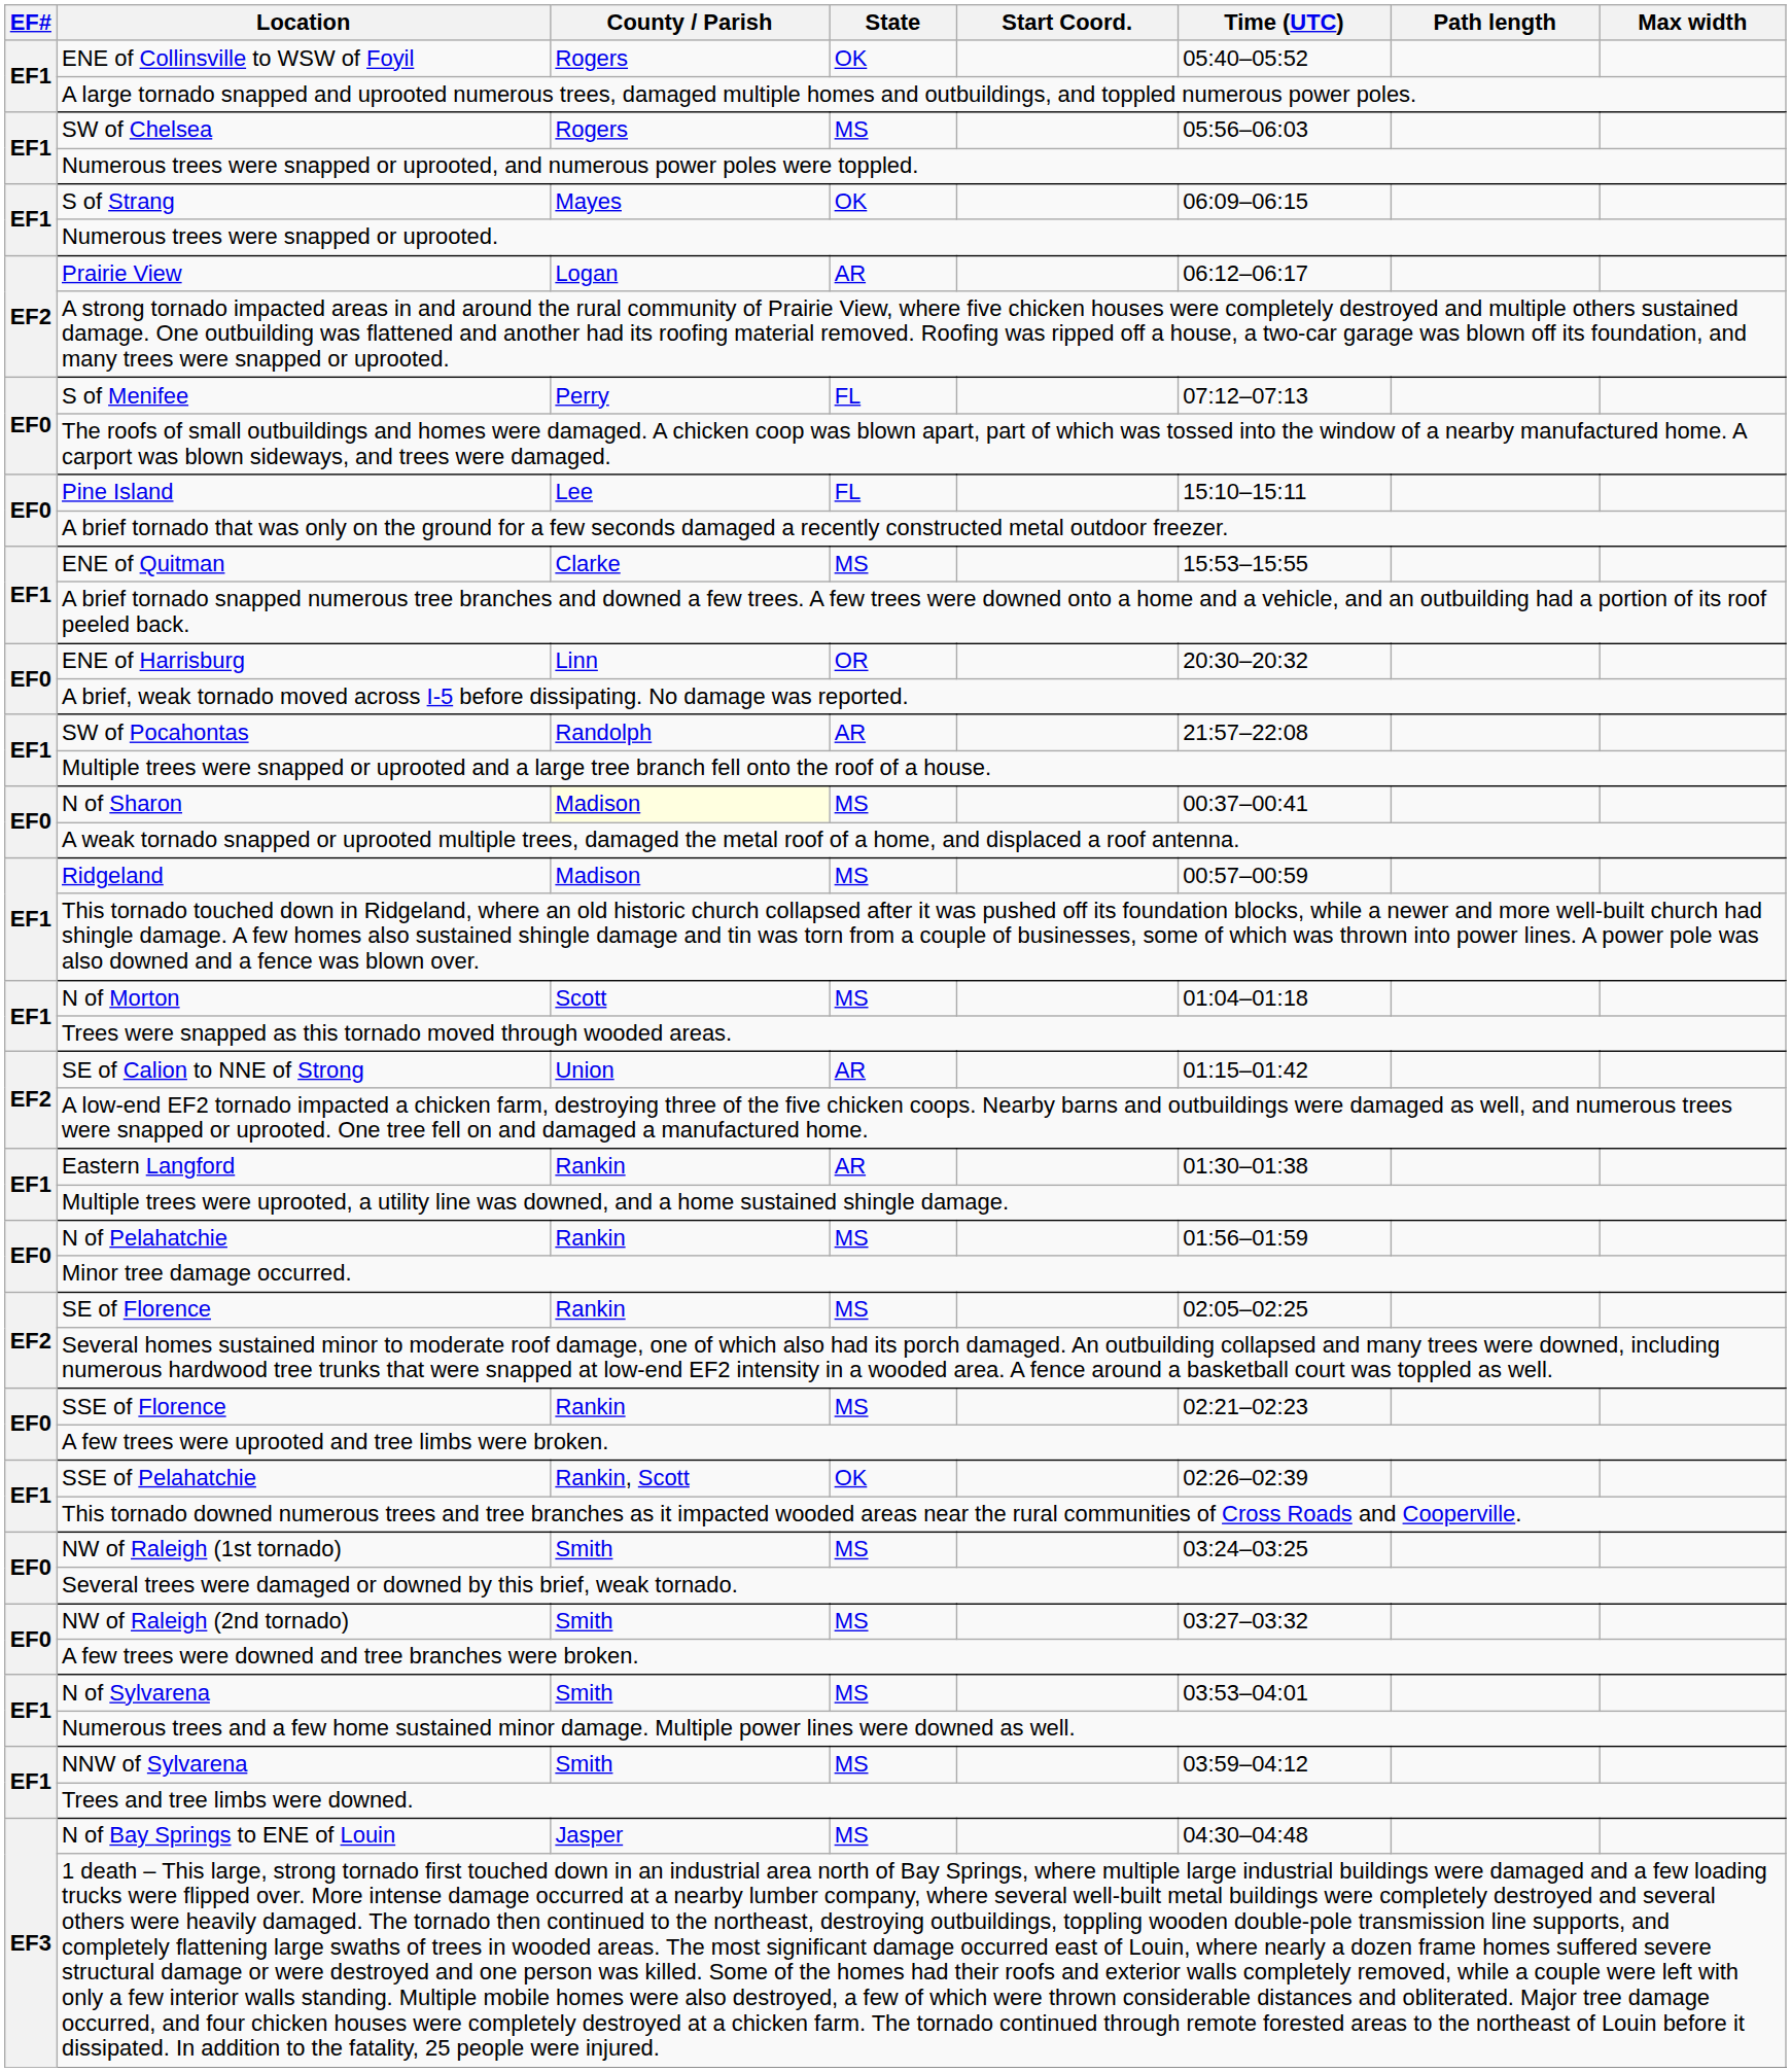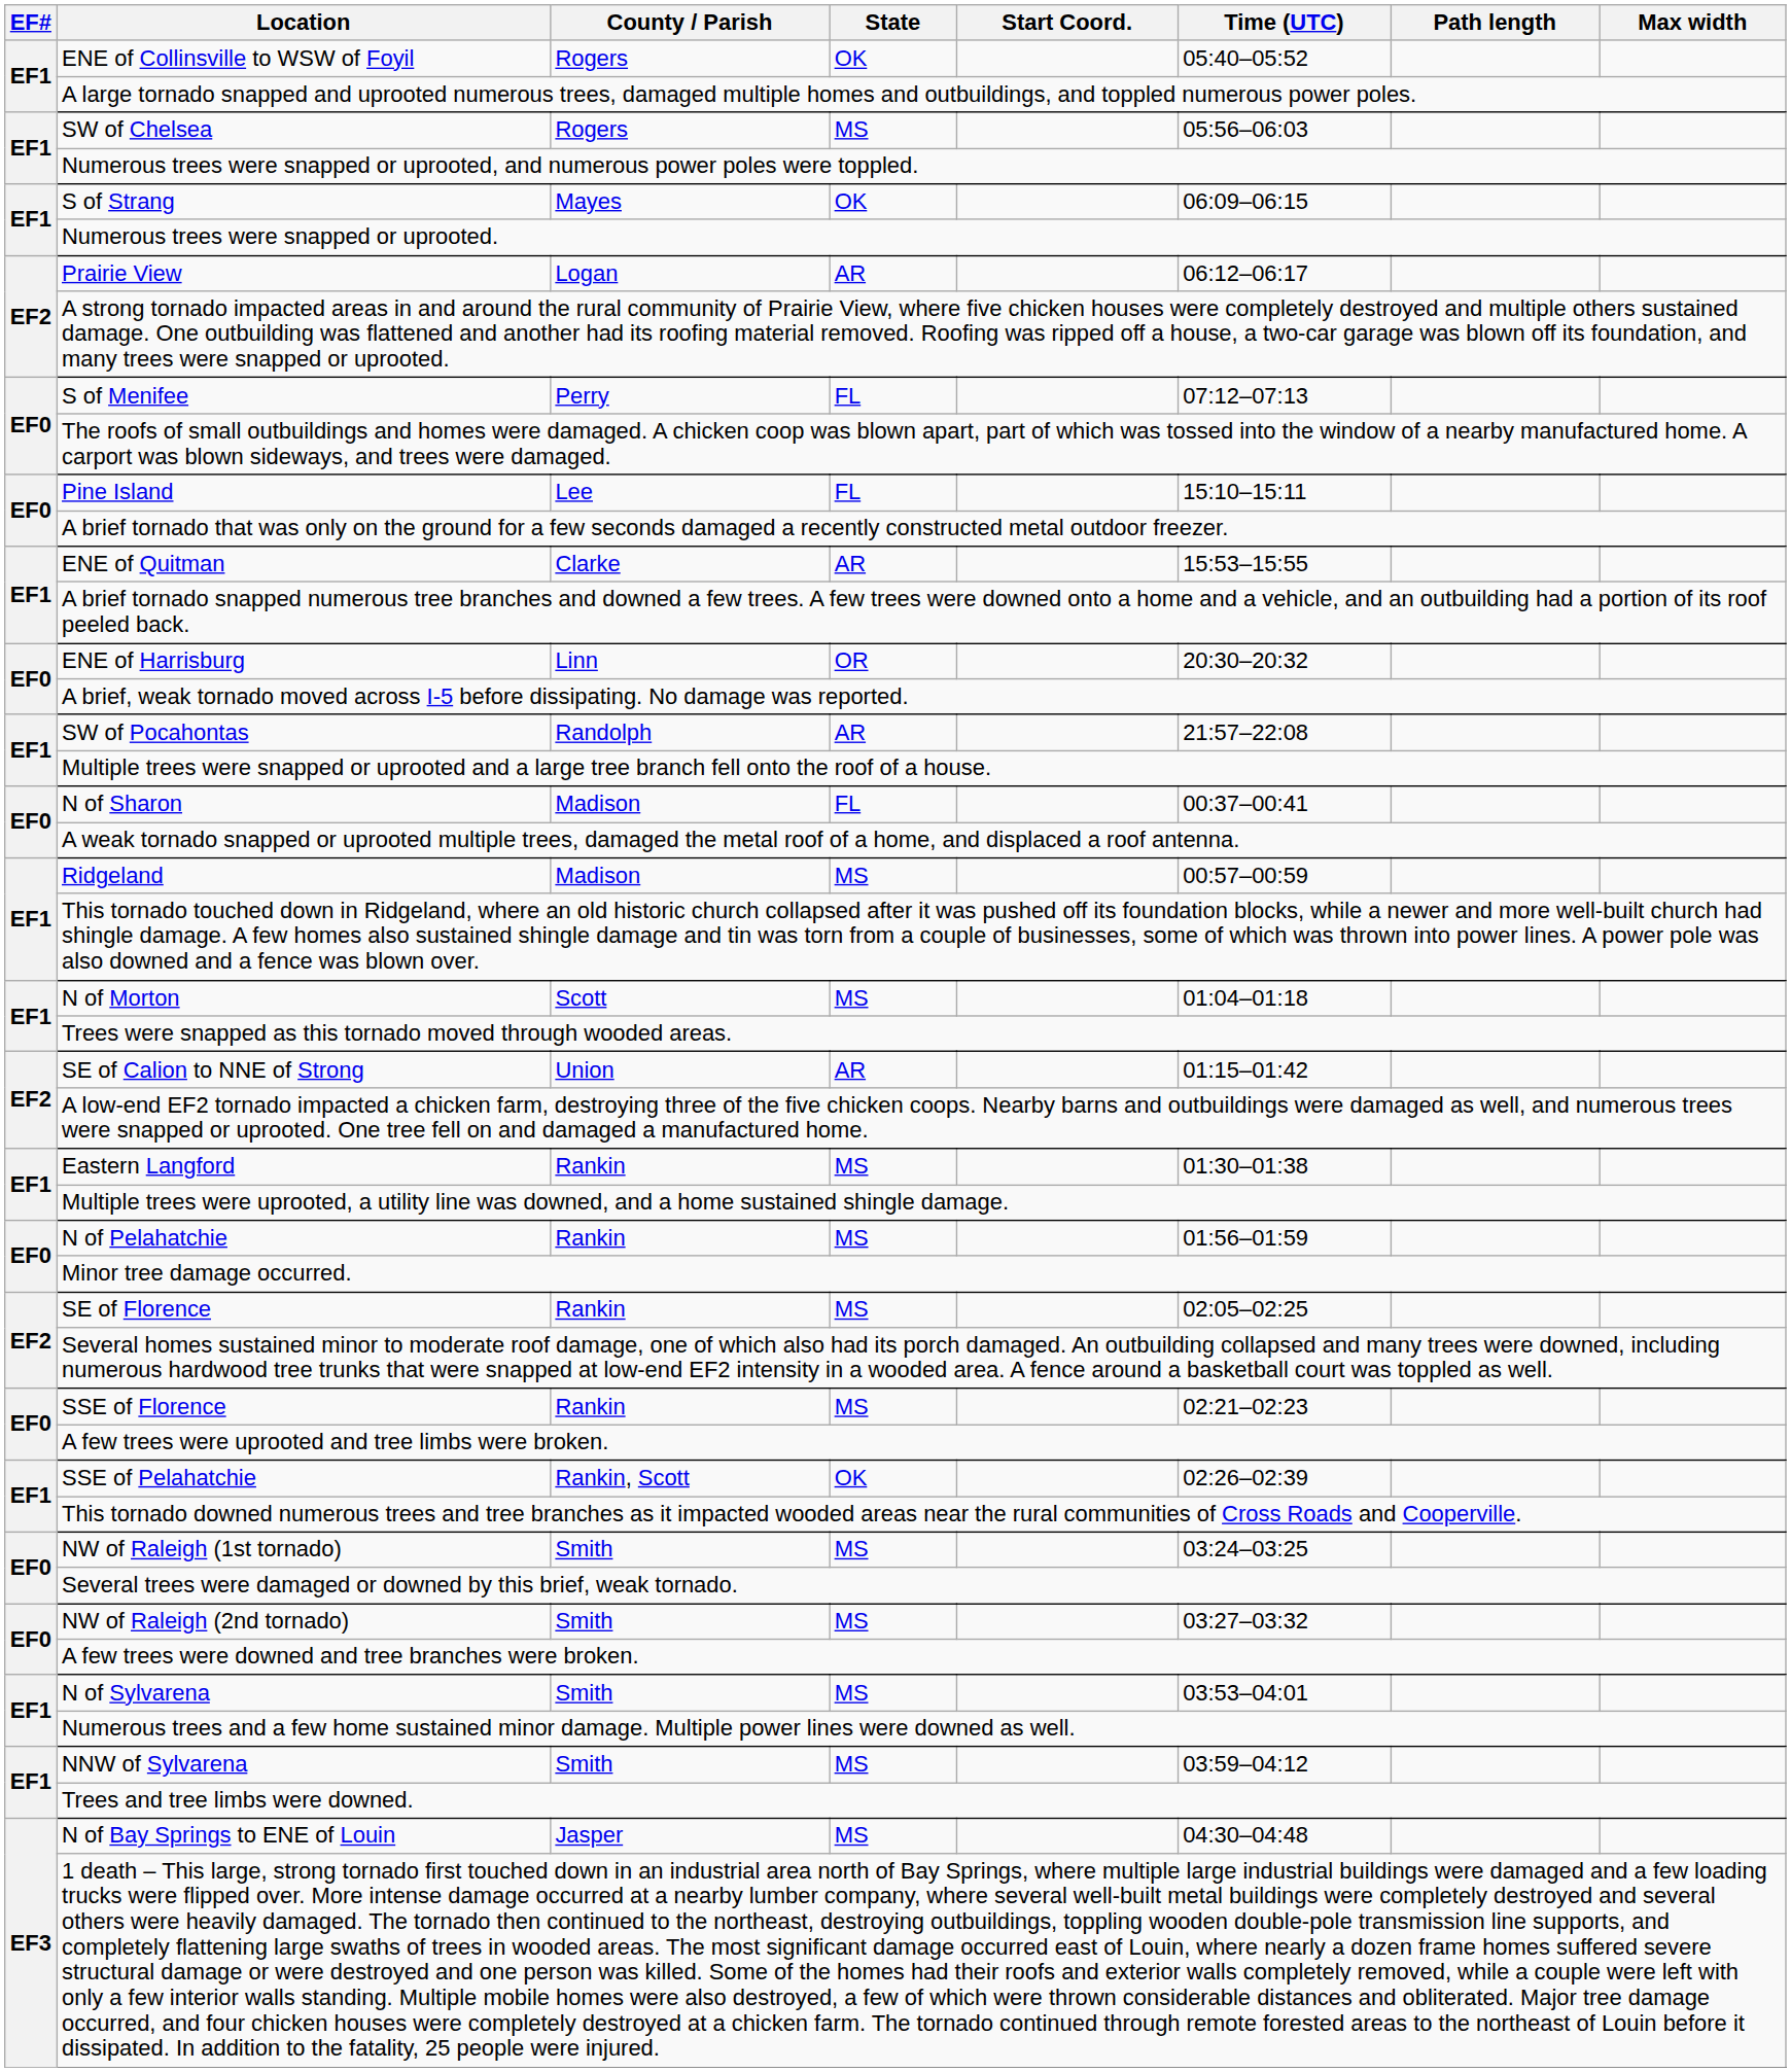 <table class="wikitable sortable" style="width:100%;">
 <tr>
 <th scope="col" width="2%" align="center"><a href='#'>EF#</a></th>
 <th scope="col" align="center" class="unsortable">Location</th>
 <th scope="col" align="center" class="unsortable">County / Parish</th>
 <th scope="col" align="center">State</th>
 <th scope="col" align="center">Start Coord.</th>
 <th scope="col" align="center">Time (<a href='#'>UTC</a>)</th>
 <th scope="col" align="center">Path length</th>
 <th scope="col" align="center">Max width</th>
 </tr>
 <tr>
 <th scope="row" rowspan="2" style="background-color:#">EF1</th>
 <td>ENE of <a href='#'>Collinsville</a> to WSW of <a href='#'>Foyil</a></td>
 <td><a href='#'>Rogers</a></td>
 <td><a href='#'>OK</a></td>
 <td></td>
 <td>05:40–05:52</td>
 <td></td>
 <td></td>
 </tr>
 <tr class="expand-child">
 <td colspan="8" style=" border-bottom: 1px solid black;">A large tornado snapped and uprooted numerous trees, damaged multiple homes and outbuildings, and toppled numerous power poles.</td>
 </tr>
 <tr>
 <th scope="row" rowspan="2" style="background-color:#">EF1</th>
 <td>SW of <a href='#'>Chelsea</a></td>
 <td><a href='#'>Rogers</a></td>
 <td><a href='#'>MS</a></td>
 <td></td>
 <td>05:56–06:03</td>
 <td></td>
 <td></td>
 </tr>
 <tr class="expand-child">
 <td colspan="8" style=" border-bottom: 1px solid black;">Numerous trees were snapped or uprooted, and numerous power poles were toppled.</td>
 </tr>
 <tr>
 <th scope="row" rowspan="2" style="background-color:#">EF1</th>
 <td>S of <a href='#'>Strang</a></td>
 <td><a href='#'>Mayes</a></td>
 <td><a href='#'>OK</a></td>
 <td></td>
 <td>06:09–06:15</td>
 <td></td>
 <td></td>
 </tr>
 <tr class="expand-child">
 <td colspan="8" style=" border-bottom: 1px solid black;">Numerous trees were snapped or uprooted.</td>
 </tr>
 <tr>
 <th scope="row" rowspan="2" style="background-color:#">EF2</th>
 <td><a href='#'>Prairie View</a></td>
 <td><a href='#'>Logan</a></td>
 <td><a href='#'>AR</a></td>
 <td></td>
 <td>06:12–06:17</td>
 <td></td>
 <td></td>
 </tr>
 <tr class="expand-child">
 <td colspan="8" style=" border-bottom: 1px solid black;">A strong tornado impacted areas in and around the rural community of Prairie View, where five chicken houses were completely destroyed and multiple others sustained damage. One outbuilding was flattened and another had its roofing material removed. Roofing was ripped off a house, a two-car garage was blown off its foundation, and many trees were snapped or uprooted.</td>
 </tr>
 <tr>
 <th scope="row" rowspan="2" style="background-color:#">EF0</th>
 <td>S of <a href='#'>Menifee</a></td>
 <td><a href='#'>Perry</a></td>
 <td><a href='#'>FL</a></td>
 <td></td>
 <td>07:12–07:13</td>
 <td></td>
 <td></td>
 </tr>
 <tr class="expand-child">
 <td colspan="8" style=" border-bottom: 1px solid black;">The roofs of small outbuildings and homes were damaged. A chicken coop was blown apart, part of which was tossed into the window of a nearby manufactured home. A carport was blown sideways, and trees were damaged.</td>
 </tr>
 <tr>
 <th scope="row" rowspan="2" style="background-color:#">EF0</th>
 <td><a href='#'>Pine Island</a></td>
 <td><a href='#'>Lee</a></td>
 <td><a href='#'>FL</a></td>
 <td></td>
 <td>15:10–15:11</td>
 <td></td>
 <td></td>
 </tr>
 <tr class="expand-child">
 <td colspan="8" style=" border-bottom: 1px solid black;">A brief tornado that was only on the ground for a few seconds damaged a recently constructed metal outdoor freezer.</td>
 </tr>
 <tr>
 <th scope="row" rowspan="2" style="background-color:#">EF1</th>
 <td>ENE of <a href='#'>Quitman</a></td>
 <td><a href='#'>Clarke</a></td>
-<td><a href='#'>MS</a></td>
+<td><a href='#'>AR</a></td>
 <td></td>
 <td>15:53–15:55</td>
 <td></td>
 <td></td>
 </tr>
 <tr class="expand-child">
 <td colspan="8" style=" border-bottom: 1px solid black;">A brief tornado snapped numerous tree branches and downed a few trees. A few trees were downed onto a home and a vehicle, and an outbuilding had a portion of its roof peeled back.</td>
 </tr>
 <tr>
 <th scope="row" rowspan="2" style="background-color:#">EF0</th>
 <td>ENE of <a href='#'>Harrisburg</a></td>
 <td><a href='#'>Linn</a></td>
 <td><a href='#'>OR</a></td>
 <td></td>
 <td>20:30–20:32</td>
 <td></td>
 <td></td>
 </tr>
 <tr class="expand-child">
 <td colspan="8" style=" border-bottom: 1px solid black;">A brief, weak tornado moved across <a href='#'>I-5</a> before dissipating. No damage was reported.</td>
 </tr>
 <tr>
 <th scope="row" rowspan="2" style="background-color:#">EF1</th>
 <td>SW of <a href='#'>Pocahontas</a></td>
 <td><a href='#'>Randolph</a></td>
 <td><a href='#'>AR</a></td>
 <td></td>
 <td>21:57–22:08</td>
 <td></td>
 <td></td>
 </tr>
 <tr class="expand-child">
 <td colspan="8" style=" border-bottom: 1px solid black;">Multiple trees were snapped or uprooted and a large tree branch fell onto the roof of a house.</td>
 </tr>
 <tr>
 <th scope="row" rowspan="2" style="background-color:#">EF0</th>
 <td>N of <a href='#'>Sharon</a></td>
-<td style="background: lightyellow;"><a href='#'>Madison</a></td>
-<td><a href='#'>MS</a></td>
+<td><a href='#'>Madison</a></td>
+<td><a href='#'>FL</a></td>
 <td></td>
 <td>00:37–00:41</td>
 <td></td>
 <td></td>
 </tr>
 <tr class="expand-child">
 <td colspan="8" style=" border-bottom: 1px solid black;">A weak tornado snapped or uprooted multiple trees, damaged the metal roof of a home, and displaced a roof antenna.</td>
 </tr>
 <tr>
 <th scope="row" rowspan="2" style="background-color:#">EF1</th>
 <td><a href='#'>Ridgeland</a></td>
 <td><a href='#'>Madison</a></td>
 <td><a href='#'>MS</a></td>
 <td></td>
 <td>00:57–00:59</td>
 <td></td>
 <td></td>
 </tr>
 <tr class="expand-child">
 <td colspan="8" style=" border-bottom: 1px solid black;">This tornado touched down in Ridgeland, where an old historic church collapsed after it was pushed off its foundation blocks, while a newer and more well-built church had shingle damage. A few homes also sustained shingle damage and tin was torn from a couple of businesses, some of which was thrown into power lines. A power pole was also downed and a fence was blown over.</td>
 </tr>
 <tr>
 <th scope="row" rowspan="2" style="background-color:#">EF1</th>
 <td>N of <a href='#'>Morton</a></td>
 <td><a href='#'>Scott</a></td>
 <td><a href='#'>MS</a></td>
 <td></td>
 <td>01:04–01:18</td>
 <td></td>
 <td></td>
 </tr>
 <tr class="expand-child">
 <td colspan="8" style=" border-bottom: 1px solid black;">Trees were snapped as this tornado moved through wooded areas.</td>
 </tr>
 <tr>
 <th scope="row" rowspan="2" style="background-color:#">EF2</th>
 <td>SE of <a href='#'>Calion</a> to NNE of <a href='#'>Strong</a></td>
 <td><a href='#'>Union</a></td>
 <td><a href='#'>AR</a></td>
 <td></td>
 <td>01:15–01:42</td>
 <td></td>
 <td></td>
 </tr>
 <tr class="expand-child">
 <td colspan="8" style=" border-bottom: 1px solid black;">A low-end EF2 tornado impacted a chicken farm, destroying three of the five chicken coops. Nearby barns and outbuildings were damaged as well, and numerous trees were snapped or uprooted. One tree fell on and damaged a manufactured home.</td>
 </tr>
 <tr>
 <th scope="row" rowspan="2" style="background-color:#">EF1</th>
 <td>Eastern <a href='#'>Langford</a></td>
 <td><a href='#'>Rankin</a></td>
-<td><a href='#'>AR</a></td>
+<td><a href='#'>MS</a></td>
 <td></td>
 <td>01:30–01:38</td>
 <td></td>
 <td></td>
 </tr>
 <tr class="expand-child">
 <td colspan="8" style=" border-bottom: 1px solid black;">Multiple trees were uprooted, a utility line was downed, and a home sustained shingle damage.</td>
 </tr>
 <tr>
 <th scope="row" rowspan="2" style="background-color:#">EF0</th>
 <td>N of <a href='#'>Pelahatchie</a></td>
 <td><a href='#'>Rankin</a></td>
 <td><a href='#'>MS</a></td>
 <td></td>
 <td>01:56–01:59</td>
 <td></td>
 <td></td>
 </tr>
 <tr class="expand-child">
 <td colspan="8" style=" border-bottom: 1px solid black;">Minor tree damage occurred.</td>
 </tr>
 <tr>
 <th scope="row" rowspan="2" style="background-color:#">EF2</th>
 <td>SE of <a href='#'>Florence</a></td>
 <td><a href='#'>Rankin</a></td>
 <td><a href='#'>MS</a></td>
 <td></td>
 <td>02:05–02:25</td>
 <td></td>
 <td></td>
 </tr>
 <tr class="expand-child">
 <td colspan="8" style=" border-bottom: 1px solid black;">Several homes sustained minor to moderate roof damage, one of which also had its porch damaged. An outbuilding collapsed and many trees were downed, including numerous hardwood tree trunks that were snapped at low-end EF2 intensity in a wooded area. A fence around a basketball court was toppled as well.</td>
 </tr>
 <tr>
 <th scope="row" rowspan="2" style="background-color:#">EF0</th>
 <td>SSE of <a href='#'>Florence</a></td>
 <td><a href='#'>Rankin</a></td>
 <td><a href='#'>MS</a></td>
 <td></td>
 <td>02:21–02:23</td>
 <td></td>
 <td></td>
 </tr>
 <tr class="expand-child">
 <td colspan="8" style=" border-bottom: 1px solid black;">A few trees were uprooted and tree limbs were broken.</td>
 </tr>
 <tr>
 <th scope="row" rowspan="2" style="background-color:#">EF1</th>
 <td>SSE of <a href='#'>Pelahatchie</a></td>
 <td><a href='#'>Rankin</a>, <a href='#'>Scott</a></td>
 <td><a href='#'>OK</a></td>
 <td></td>
 <td>02:26–02:39</td>
 <td></td>
 <td></td>
 </tr>
 <tr class="expand-child">
 <td colspan="8" style=" border-bottom: 1px solid black;">This tornado downed numerous trees and tree branches as it impacted wooded areas near the rural communities of <a href='#'>Cross Roads</a> and <a href='#'>Cooperville</a>.</td>
 </tr>
 <tr>
 <th scope="row" rowspan="2" style="background-color:#">EF0</th>
 <td>NW of <a href='#'>Raleigh</a> (1st tornado)</td>
 <td><a href='#'>Smith</a></td>
 <td><a href='#'>MS</a></td>
 <td></td>
 <td>03:24–03:25</td>
 <td></td>
 <td></td>
 </tr>
 <tr class="expand-child">
 <td colspan="8" style=" border-bottom: 1px solid black;">Several trees were damaged or downed by this brief, weak tornado.</td>
 </tr>
 <tr>
 <th scope="row" rowspan="2" style="background-color:#">EF0</th>
 <td>NW of <a href='#'>Raleigh</a> (2nd tornado)</td>
 <td><a href='#'>Smith</a></td>
 <td><a href='#'>MS</a></td>
 <td></td>
 <td>03:27–03:32</td>
 <td></td>
 <td></td>
 </tr>
 <tr class="expand-child">
 <td colspan="8" style=" border-bottom: 1px solid black;">A few trees were downed and tree branches were broken.</td>
 </tr>
 <tr>
 <th scope="row" rowspan="2" style="background-color:#">EF1</th>
 <td>N of <a href='#'>Sylvarena</a></td>
 <td><a href='#'>Smith</a></td>
 <td><a href='#'>MS</a></td>
 <td></td>
 <td>03:53–04:01</td>
 <td></td>
 <td></td>
 </tr>
 <tr class="expand-child">
 <td colspan="8" style=" border-bottom: 1px solid black;">Numerous trees and a few home sustained minor damage. Multiple power lines were downed as well.</td>
 </tr>
 <tr>
 <th scope="row" rowspan="2" style="background-color:#">EF1</th>
 <td>NNW of <a href='#'>Sylvarena</a></td>
 <td><a href='#'>Smith</a></td>
 <td><a href='#'>MS</a></td>
 <td></td>
 <td>03:59–04:12</td>
 <td></td>
 <td></td>
 </tr>
 <tr class="expand-child">
 <td colspan="8" style=" border-bottom: 1px solid black;">Trees and tree limbs were downed.</td>
 </tr>
 <tr>
 <th scope="row" rowspan="2" style="background-color:#">EF3</th>
 <td>N of <a href='#'>Bay Springs</a> to ENE of <a href='#'>Louin</a></td>
 <td><a href='#'>Jasper</a></td>
 <td><a href='#'>MS</a></td>
 <td></td>
 <td>04:30–04:48</td>
 <td></td>
 <td></td>
 </tr>
 <tr class="expand-child">
 <td colspan="8" style=" border-bottom: 1px solid black;">1 death –  This large, strong tornado first touched down in an industrial area north of Bay Springs, where multiple large industrial buildings were damaged and a few loading trucks were flipped over. More intense damage occurred at a nearby lumber company, where several well-built metal buildings were completely destroyed and several others were heavily damaged. The tornado then continued to the northeast, destroying outbuildings, toppling wooden double-pole transmission line supports, and completely flattening large swaths of trees in wooded areas. The most significant damage occurred east of Louin, where nearly a dozen frame homes suffered severe structural damage or were destroyed and one person was killed. Some of the homes had their roofs and exterior walls completely removed, while a couple were left with only a few interior walls standing. Multiple mobile homes were also destroyed, a few of which were thrown considerable distances and obliterated. Major tree damage occurred, and four chicken houses were completely destroyed at a chicken farm. The tornado continued through remote forested areas to the northeast of Louin before it dissipated. In addition to the fatality, 25 people were injured.</td>
 </tr>
 <tr>
 </tr>
 </table>
